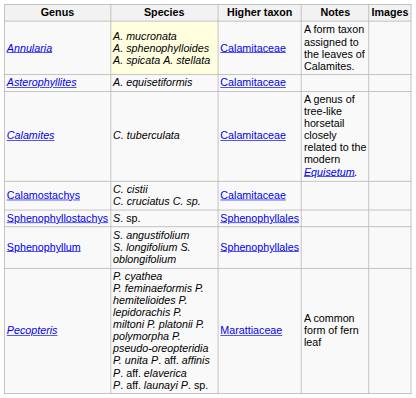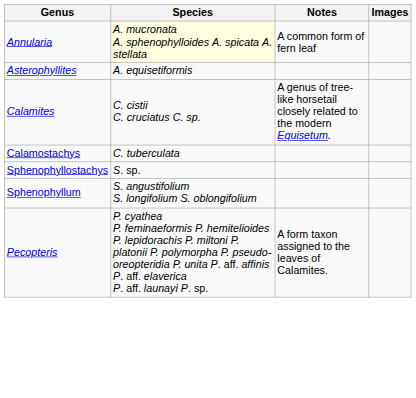 <table class="wikitable sortable mw-collapsible">
 <tr>
 <th>Genus</th>
 <th>Species</th>
-<th>Higher taxon</th>
 <th>Notes</th>
 <th>Images</th>
 </tr>
 <tr>
 <td><em><a href='#'>Annularia</a></em></td>
 <td style="background: lightyellow;"><em>A. mucronata</em><br><em>A. sphenophylloides</em> <em>A. spicata</em> <em>A. stellata</em></td>
-<td><a href='#'>Calamitaceae</a></td>
-<td>A form taxon assigned to the leaves of Calamites.</td>
+<td>A common form of fern leaf</td>
 <td></td>
 </tr>
 <tr>
 <td><em><a href='#'>Asterophyllites</a></em></td>
 <td><em>A. equisetiformis</em></td>
-<td><a href='#'>Calamitaceae</a></td>
 <td></td>
 <td></td>
 </tr>
 <tr>
 <td><em><a href='#'>Calamites</a></em></td>
-<td><em>C. tuberculata</em></td>
-<td><a href='#'>Calamitaceae</a></td>
+<td><em>C. cistii</em><br><em>C. cruciatus</em> <em>C. sp.</em></td>
 <td>A genus of tree-like  horsetail closely related to the modern <em><a href='#'>Equisetum</a>.</em></td>
 <td></td>
 </tr>
 <tr>
 <td><a href='#'>Calamostachys</a></td>
-<td><em>C. cistii</em><br><em>C. cruciatus</em> <em>C. sp.</em></td>
-<td><a href='#'>Calamitaceae</a></td>
+<td><em>C. tuberculata</em></td>
 <td></td>
 <td></td>
 </tr>
 <tr>
 <td><a href='#'>Sphenophyllostachys</a></td>
 <td><em>S</em>. sp.</td>
-<td><a href='#'>Sphenophyllales</a></td>
 <td></td>
 <td></td>
 </tr>
 <tr>
 <td><a href='#'>Sphenophyllum</a></td>
 <td><em>S. angustifolium</em><br><em>S. longifolium</em> <em>S. oblongifolium</em></td>
-<td><a href='#'>Sphenophyllales</a></td>
 <td></td>
 <td></td>
 </tr>
 <tr>
 <td><em><a href='#'>Pecopteris</a></em></td>
 <td><em>P. cyathea</em><br><em>P. feminaeformis</em> <em>P. hemitelioides</em> <em>P. lepidorachis</em> <em>P. miltoni</em> <em>P. platonii</em> <em>P. polymorpha</em> <em>P. pseudo-oreopteridia</em> <em>P. unita</em> <em>P</em>. aff. <em>affinis</em> <em>P</em>. aff. <em>elaverica</em><br><em>P</em>. aff. <em>launayi</em> <em>P</em>. sp.</td>
-<td><a href='#'>Marattiaceae</a></td>
-<td>A common form of fern leaf</td>
+<td>A form taxon assigned to the leaves of Calamites.</td>
 <td></td>
 </tr>
 </table>
